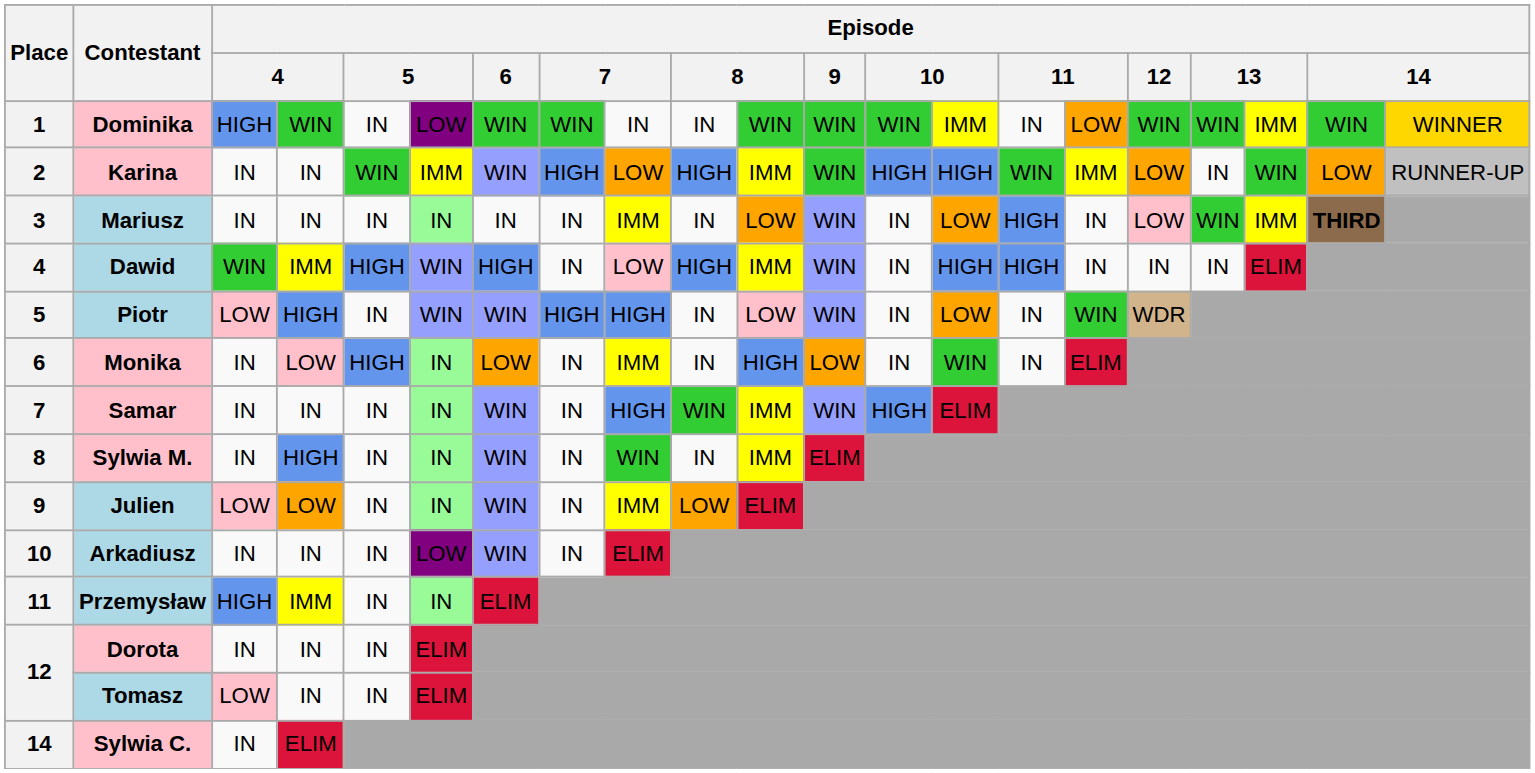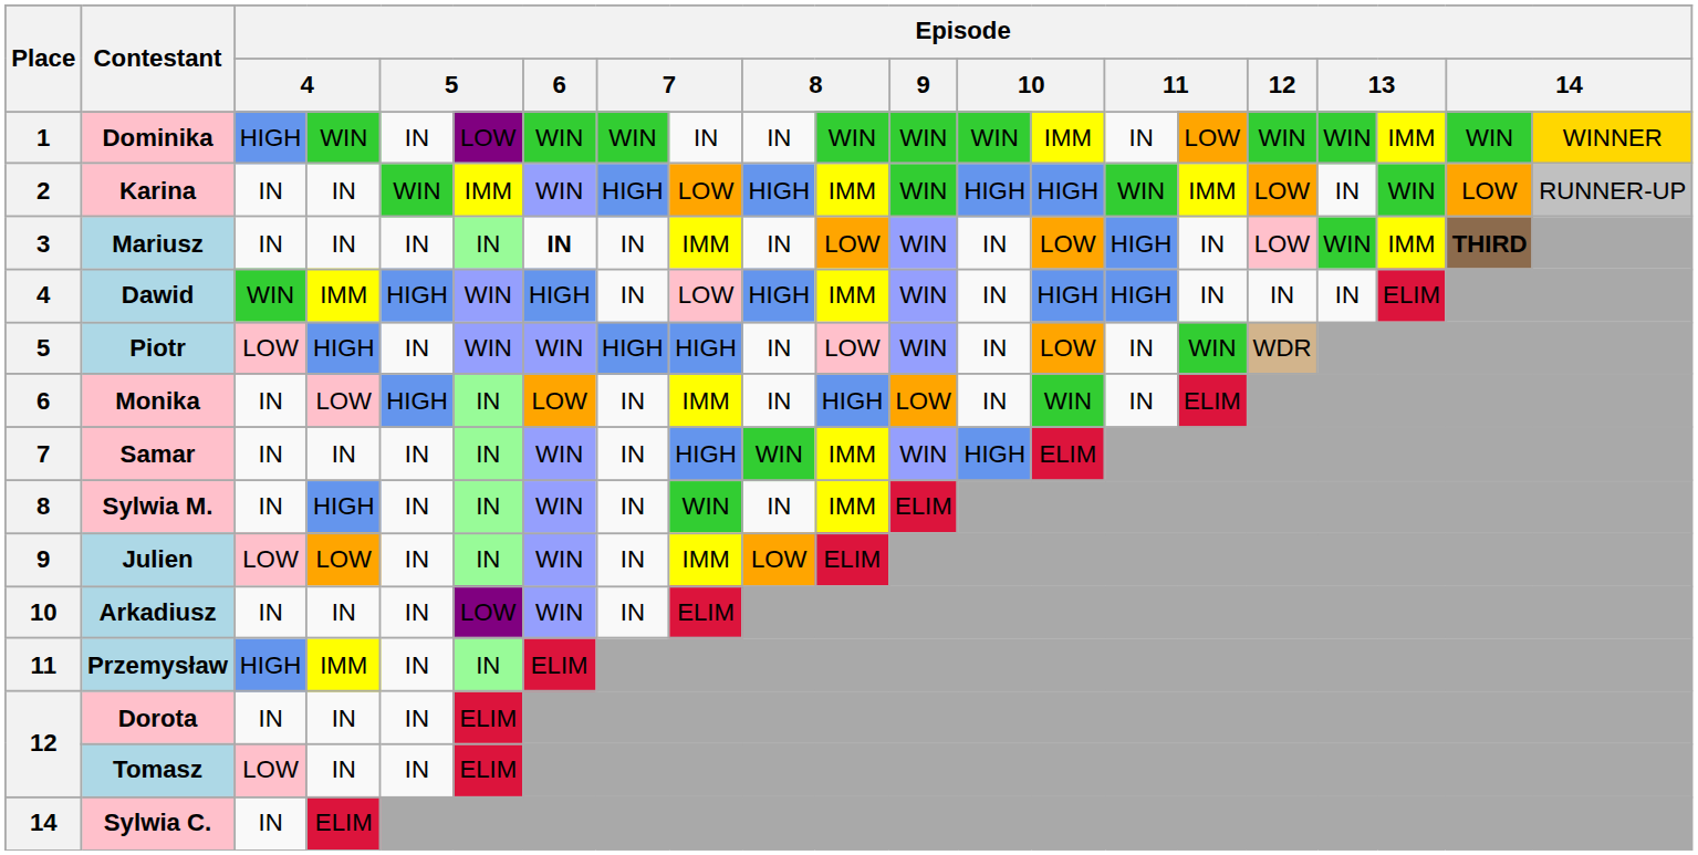 <table class="wikitable" style="text-align: center; font-size: 9pt; line-height:20px;">
 <tr>
 <th rowspan="2">Place</th>
 <th rowspan="2">Contestant</th>
 <th colspan="19">Episode</th>
 </tr>
 <tr>
 <th colspan="2">4</th>
 <th colspan="2">5</th>
 <th colspan="1">6</th>
 <th colspan="2">7</th>
 <th colspan="2">8</th>
 <th colspan="1">9</th>
 <th colspan="2">10</th>
 <th colspan="2">11</th>
 <th>12</th>
 <th colspan="2">13</th>
 <th colspan="2">14</th>
 </tr>
 <tr>
 <th>1</th>
 <th style="background:pink">Dominika</th>
 <td bgcolor=cornflowerblue>HIGH</td>
 <td bgcolor=limegreen>WIN</td>
 <td>IN</td>
 <td style="background:purple;">LOW</td>
 <td bgcolor=limegreen>WIN</td>
 <td bgcolor=limegreen>WIN</td>
 <td>IN</td>
 <td>IN</td>
 <td bgcolor=limegreen>WIN</td>
 <td bgcolor=limegreen>WIN</td>
 <td bgcolor=limegreen>WIN</td>
 <td bgcolor=yellow>IMM</td>
 <td>IN</td>
 <td bgcolor=orange>LOW</td>
 <td bgcolor=limegreen>WIN</td>
 <td bgcolor=limegreen>WIN</td>
 <td bgcolor=yellow>IMM</td>
 <td bgcolor=limegreen>WIN</td>
 <td bgcolor=gold>WINNER</td>
 </tr>
 <tr>
 <th>2</th>
 <th style="background:pink">Karina</th>
 <td>IN</td>
 <td>IN</td>
 <td bgcolor=limegreen>WIN</td>
 <td bgcolor=yellow>IMM</td>
 <td bgcolor=#959FFD>WIN</td>
 <td bgcolor=cornflowerblue>HIGH</td>
 <td bgcolor=Orange>LOW</td>
 <td bgcolor=cornflowerblue>HIGH</td>
 <td bgcolor=yellow>IMM</td>
 <td bgcolor=limegreen>WIN</td>
 <td bgcolor=cornflowerblue>HIGH</td>
 <td bgcolor=cornflowerblue>HIGH</td>
 <td bgcolor=limegreen>WIN</td>
 <td bgcolor=yellow>IMM</td>
 <td bgcolor=orange>LOW</td>
 <td>IN</td>
 <td bgcolor=limegreen>WIN</td>
 <td bgcolor=orange>LOW</td>
 <td bgcolor=silver>RUNNER-UP</td>
 </tr>
 <tr>
 <th>3</th>
 <th style="background:lightblue">Mariusz</th>
 <td>IN</td>
 <td>IN</td>
 <td>IN</td>
 <td bgcolor=palegreen>IN</td>
-<td>IN</td>
+<td><strong>IN</strong></td>
 <td>IN</td>
 <td bgcolor=yellow>IMM</td>
 <td>IN</td>
 <td bgcolor=orange>LOW</td>
 <td bgcolor=#959FFD>WIN</td>
 <td>IN</td>
 <td bgcolor=orange>LOW</td>
 <td bgcolor=cornflowerblue>HIGH</td>
 <td>IN</td>
 <td bgcolor=pink>LOW</td>
 <td bgcolor=limegreen>WIN</td>
 <td bgcolor=yellow>IMM</td>
 <td bgcolor=#8c6b4d><strong>THIRD</strong></td>
 <td bgcolor="darkgrey"></td>
 </tr>
 <tr>
 <th>4</th>
 <th style="background:lightblue">Dawid</th>
 <td bgcolor=limegreen>WIN</td>
 <td bgcolor=yellow>IMM</td>
 <td bgcolor=cornflowerblue>HIGH</td>
 <td bgcolor=#959FFD>WIN</td>
 <td bgcolor=cornflowerblue>HIGH</td>
 <td>IN</td>
 <td bgcolor=pink>LOW</td>
 <td bgcolor=cornflowerblue>HIGH</td>
 <td bgcolor=yellow>IMM</td>
 <td bgcolor=#959FFD>WIN</td>
 <td>IN</td>
 <td bgcolor=cornflowerblue>HIGH</td>
 <td bgcolor=cornflowerblue>HIGH</td>
 <td>IN</td>
 <td>IN</td>
 <td>IN</td>
 <td bgcolor=crimson>ELIM</td>
 <td colspan="2" bgcolor=darkgrey></td>
 </tr>
 <tr>
 <th>5</th>
 <th style="background:lightblue">Piotr</th>
 <td bgcolor=pink>LOW</td>
 <td bgcolor=cornflowerblue>HIGH</td>
 <td>IN</td>
 <td bgcolor=#959FFD>WIN</td>
 <td bgcolor=#959FFD>WIN</td>
 <td bgcolor=cornflowerblue>HIGH</td>
 <td bgcolor=cornflowerblue>HIGH</td>
 <td>IN</td>
 <td bgcolor=pink>LOW</td>
 <td bgcolor=#959FFD>WIN</td>
 <td>IN</td>
 <td bgcolor=orange>LOW</td>
 <td>IN</td>
 <td bgcolor=limegreen>WIN</td>
 <td bgcolor=tan>WDR</td>
 <td colspan="4" bgcolor=darkgrey></td>
 </tr>
 <tr>
 <th>6</th>
 <th style="background:pink">Monika</th>
 <td>IN</td>
 <td bgcolor=pink>LOW</td>
 <td bgcolor=cornflowerblue>HIGH</td>
 <td bgcolor=palegreen>IN</td>
 <td bgcolor=orange>LOW</td>
 <td>IN</td>
 <td bgcolor=yellow>IMM</td>
 <td>IN</td>
 <td bgcolor=cornflowerblue>HIGH</td>
 <td bgcolor=orange>LOW</td>
 <td>IN</td>
 <td bgcolor=limegreen>WIN</td>
 <td>IN</td>
 <td bgcolor=crimson>ELIM</td>
 <td colspan="5" bgcolor=darkgrey></td>
 </tr>
 <tr>
 <th>7</th>
 <th style="background:pink">Samar</th>
 <td>IN</td>
 <td>IN</td>
 <td>IN</td>
 <td bgcolor=palegreen>IN</td>
 <td bgcolor=#959FFD>WIN</td>
 <td>IN</td>
 <td bgcolor=cornflowerblue>HIGH</td>
 <td bgcolor=limegreen>WIN</td>
 <td bgcolor=yellow>IMM</td>
 <td bgcolor=#959FFD>WIN</td>
 <td bgcolor=cornflowerblue>HIGH</td>
 <td bgcolor=crimson>ELIM</td>
 <td colspan="7" bgcolor=darkgrey></td>
 </tr>
 <tr>
 <th>8</th>
 <th style="background:pink">Sylwia M.</th>
 <td>IN</td>
 <td bgcolor=cornflowerblue>HIGH</td>
 <td>IN</td>
 <td bgcolor=palegreen>IN</td>
 <td bgcolor=#959FFD>WIN</td>
 <td>IN</td>
 <td bgcolor=limegreen>WIN</td>
 <td>IN</td>
 <td bgcolor=yellow>IMM</td>
 <td bgcolor=crimson>ELIM</td>
 <td colspan="9" bgcolor="darkgrey"></td>
 </tr>
 <tr>
 <th>9</th>
 <th style="background:lightblue">Julien</th>
 <td bgcolor=pink>LOW</td>
 <td bgcolor=orange>LOW</td>
 <td>IN</td>
 <td bgcolor=palegreen>IN</td>
 <td bgcolor=#959FFD>WIN</td>
 <td>IN</td>
 <td bgcolor=yellow>IMM</td>
 <td bgcolor=orange>LOW</td>
 <td bgcolor=crimson>ELIM</td>
 <td colspan="10" bgcolor="darkgrey"></td>
 </tr>
 <tr>
 <th>10</th>
 <th style="background:lightblue">Arkadiusz</th>
 <td>IN</td>
 <td>IN</td>
 <td>IN</td>
 <td style="background:purple;">LOW</td>
 <td bgcolor=#959FFD>WIN</td>
 <td>IN</td>
 <td bgcolor=crimson>ELIM</td>
 <td colspan="12" bgcolor="darkgrey"></td>
 </tr>
 <tr>
 <th>11</th>
 <th style="background:lightblue">Przemysław</th>
 <td bgcolor=cornflowerblue>HIGH</td>
 <td bgcolor=yellow>IMM</td>
 <td>IN</td>
 <td bgcolor=palegreen>IN</td>
 <td bgcolor=crimson>ELIM</td>
 <td colspan="14" bgcolor="darkgrey"></td>
 </tr>
 <tr>
 <th rowspan="2">12</th>
 <th style="background:pink">Dorota</th>
 <td>IN</td>
 <td>IN</td>
 <td>IN</td>
 <td bgcolor=crimson>ELIM</td>
 <td colspan="15" bgcolor="darkgrey"></td>
 </tr>
 <tr>
 <th style="background:lightblue">Tomasz</th>
 <td bgcolor=pink>LOW</td>
 <td>IN</td>
 <td>IN</td>
 <td bgcolor=crimson>ELIM</td>
 <td colspan="15" bgcolor="darkgrey"></td>
 </tr>
 <tr>
 <th>14</th>
 <th style="background:pink">Sylwia C.</th>
 <td>IN</td>
 <td bgcolor=crimson>ELIM</td>
 <td colspan="17" bgcolor="darkgrey"></td>
 </tr>
 </table>
